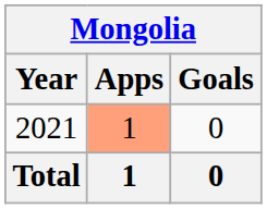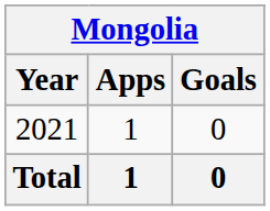 <table class="wikitable" style="text-align:center">
 <tr>
 <th colspan=3><a href='#'>Mongolia</a></th>
 </tr>
 <tr>
 <th>Year</th>
 <th>Apps</th>
 <th>Goals</th>
 </tr>
 <tr>
 <td>2021</td>
-<td style="background: lightsalmon;">1</td>
+<td>1</td>
 <td>0</td>
 </tr>
 <tr>
 <th>Total</th>
 <th>1</th>
 <th>0</th>
 </tr>
 </table>
